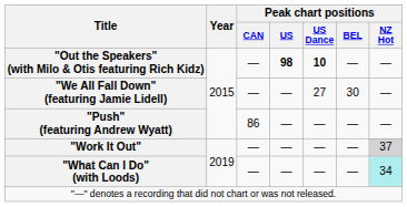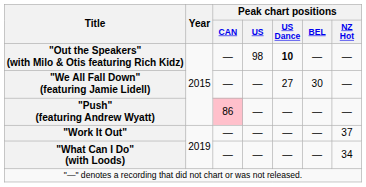 <table class="wikitable plainrowheaders" style="text-align:center;">
 <tr>
 <th scope="col" rowspan="2">Title</th>
 <th scope="col" rowspan="2">Year</th>
 <th scope="col" colspan="5">Peak chart positions</th>
 </tr>
 <tr>
 <th scope="col" style="width:3em;font-size:85%;"><a href='#'>CAN</a><br></th>
 <th scope="col" style="width:3em;font-size:85%;"><a href='#'>US</a><br></th>
 <th scope="col" style="width:3em;font-size:85%;"><a href='#'>US<br>Dance</a><br></th>
 <th scope="col" style="width:3em;font-size:85%;"><a href='#'>BEL</a></th>
 <th scope="col" style="width:3em;font-size:85%;"><a href='#'>NZ<br>Hot</a><br></th>
 </tr>
 <tr>
 <th scope="row">"Out the Speakers"<br><span>(with Milo & Otis featuring Rich Kidz)</span></th>
 <td rowspan="3">2015</td>
 <td>—</td>
-<td><strong>98</strong></td>
+<td>98</td>
 <td><strong>10</strong></td>
 <td>—</td>
 <td>—</td>
 </tr>
 <tr>
 <th scope="row">"We All Fall Down"<br><span>(featuring Jamie Lidell)</span></th>
 <td>—</td>
 <td>—</td>
 <td>27</td>
 <td>30<br></td>
 <td>—</td>
 </tr>
 <tr>
 <th scope="row">"Push"<br><span>(featuring Andrew Wyatt)</span></th>
-<td>86</td>
+<td style="background: pink;">86</td>
 <td>—</td>
 <td>—</td>
 <td>—</td>
 <td>—</td>
 </tr>
 <tr>
 <th scope="row">"Work It Out"</th>
 <td rowspan="2">2019</td>
 <td>—</td>
 <td>—</td>
 <td>—</td>
 <td>—</td>
-<td style="background: lightgrey;">37</td>
+<td>37</td>
 </tr>
 <tr>
 <th scope="row">"What Can I Do"<br><span>(with Loods)</span></th>
 <td>—</td>
 <td>—</td>
 <td>—</td>
 <td>—</td>
-<td style="background: paleturquoise;">34</td>
+<td>34</td>
 </tr>
 <tr>
 <td colspan="7" style="font-size:85%">"—" denotes a recording that did not chart or was not released.</td>
 </tr>
 </table>
